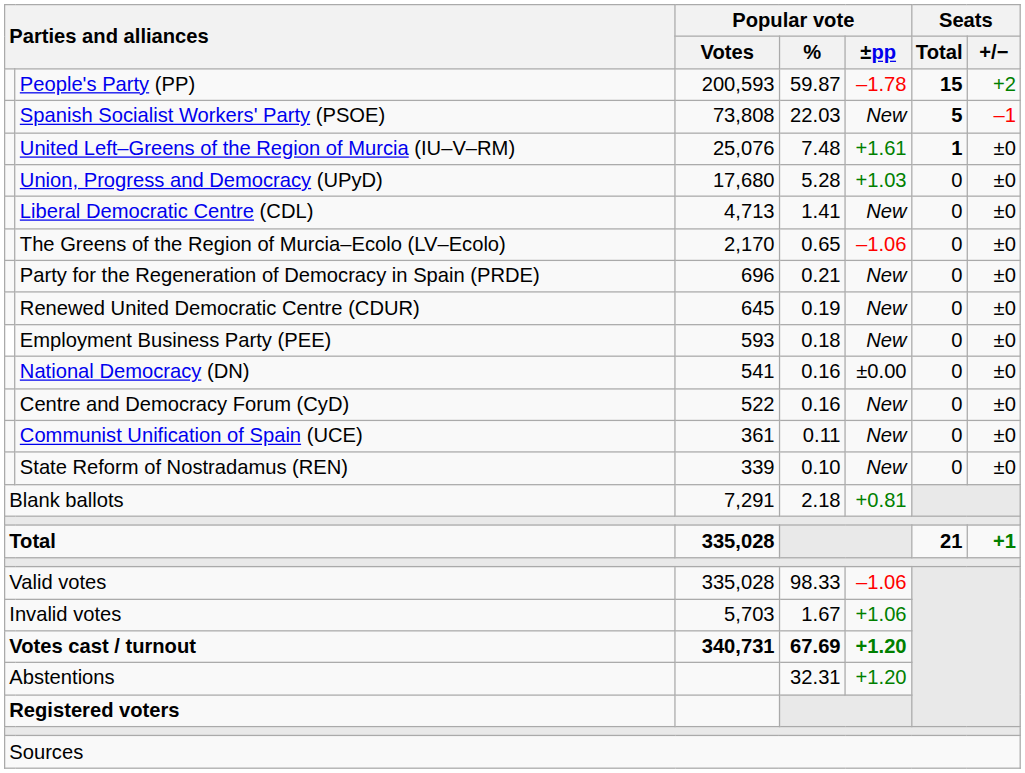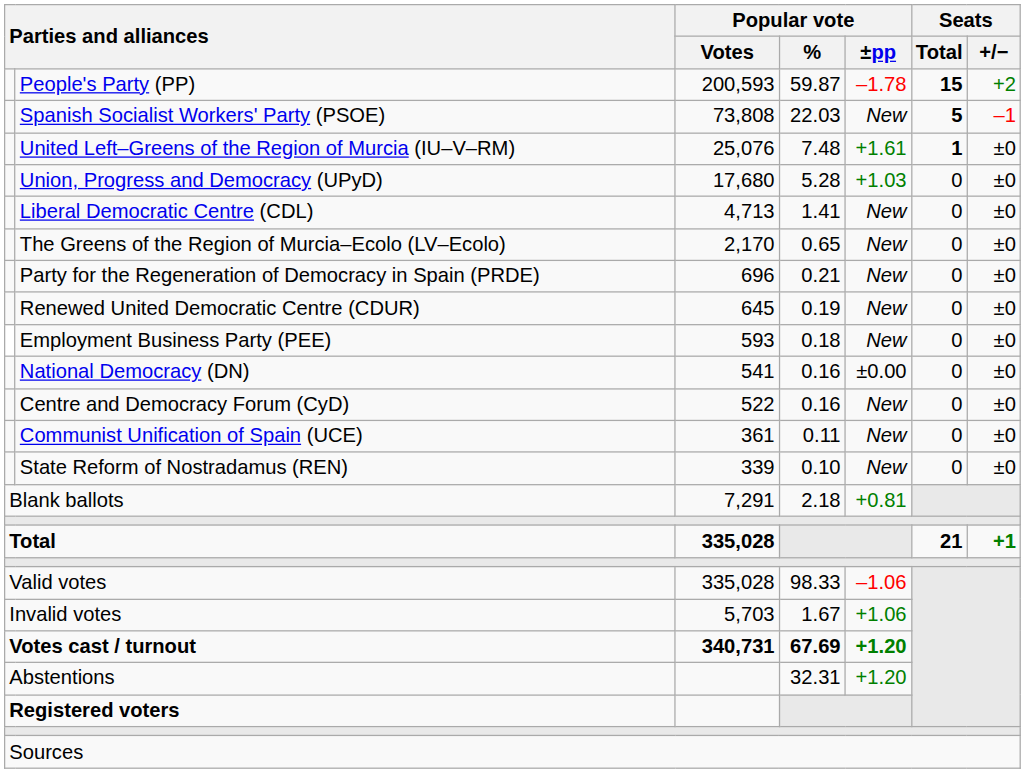 <table class="wikitable" style="text-align:right;">
 <tr>
 <th style="text-align:left;" rowspan="2" colspan="2" width="525">Parties and alliances</th>
 <th colspan="3">Popular vote</th>
 <th colspan="2">Seats</th>
 </tr>
 <tr>
 <th width="75">Votes</th>
 <th width="45">%</th>
 <th width="45">±<a href='#'>pp</a></th>
 <th width="35">Total</th>
 <th width="35">+/−</th>
 </tr>
 <tr>
 <td width="1" style="color:inherit;background:"></td>
 <td align="left"><a href='#'>People's Party</a> (PP)</td>
 <td>200,593</td>
 <td>59.87</td>
 <td style="color:red;">–1.78</td>
 <td><strong>15</strong></td>
 <td style="color:green;">+2</td>
 </tr>
 <tr>
 <td style="color:inherit;background:"></td>
 <td align="left"><a href='#'>Spanish Socialist Workers' Party</a> (PSOE)</td>
 <td>73,808</td>
 <td>22.03</td>
 <td><em>New</em></td>
 <td><strong>5</strong></td>
 <td style="color:red;">–1</td>
 </tr>
 <tr>
 <td style="color:inherit;background:"></td>
 <td align="left"><a href='#'>United Left–Greens of the Region of Murcia</a> (IU–V–RM)</td>
 <td>25,076</td>
 <td>7.48</td>
 <td style="color:green;">+1.61</td>
 <td><strong>1</strong></td>
 <td>±0</td>
 </tr>
 <tr>
 <td style="color:inherit;background:"></td>
 <td align="left"><a href='#'>Union, Progress and Democracy</a> (UPyD)</td>
 <td>17,680</td>
 <td>5.28</td>
 <td style="color:green;">+1.03</td>
 <td>0</td>
 <td>±0</td>
 </tr>
 <tr>
 <td style="color:inherit;background:"></td>
 <td align="left"><a href='#'>Liberal Democratic Centre</a> (CDL)</td>
 <td>4,713</td>
 <td>1.41</td>
 <td><em>New</em></td>
 <td>0</td>
 <td>±0</td>
 </tr>
 <tr>
 <td style="color:inherit;background:"></td>
 <td align="left">The Greens of the Region of Murcia–Ecolo (LV–Ecolo)</td>
 <td>2,170</td>
 <td>0.65</td>
-<td style="color:red;">–1.06</td>
+<td><em>New</em></td>
 <td>0</td>
 <td>±0</td>
 </tr>
 <tr>
 <td style="color:inherit;background:"></td>
 <td align="left">Party for the Regeneration of Democracy in Spain (PRDE)</td>
 <td>696</td>
 <td>0.21</td>
 <td><em>New</em></td>
 <td>0</td>
 <td>±0</td>
 </tr>
 <tr>
 <td style="color:inherit;background:"></td>
 <td align="left">Renewed United Democratic Centre (CDUR)</td>
 <td>645</td>
 <td>0.19</td>
 <td><em>New</em></td>
 <td>0</td>
 <td>±0</td>
 </tr>
 <tr>
 <td bgcolor="white"></td>
 <td align="left">Employment Business Party (PEE)</td>
 <td>593</td>
 <td>0.18</td>
 <td><em>New</em></td>
 <td>0</td>
 <td>±0</td>
 </tr>
 <tr>
 <td style="color:inherit;background:"></td>
 <td align="left"><a href='#'>National Democracy</a> (DN)</td>
 <td>541</td>
 <td>0.16</td>
 <td>±0.00</td>
 <td>0</td>
 <td>±0</td>
 </tr>
 <tr>
 <td style="color:inherit;background:"></td>
 <td align="left">Centre and Democracy Forum (CyD)</td>
 <td>522</td>
 <td>0.16</td>
 <td><em>New</em></td>
 <td>0</td>
 <td>±0</td>
 </tr>
 <tr>
 <td style="color:inherit;background:"></td>
 <td align="left"><a href='#'>Communist Unification of Spain</a> (UCE)</td>
 <td>361</td>
 <td>0.11</td>
 <td><em>New</em></td>
 <td>0</td>
 <td>±0</td>
 </tr>
 <tr>
 <td style="color:inherit;background:"></td>
 <td align="left">State Reform of Nostradamus (REN)</td>
 <td>339</td>
 <td>0.10</td>
 <td><em>New</em></td>
 <td>0</td>
 <td>±0</td>
 </tr>
 <tr>
 <td align="left" colspan="2">Blank ballots</td>
 <td>7,291</td>
 <td>2.18</td>
 <td style="color:green;">+0.81</td>
 <td bgcolor="#E9E9E9" colspan="2"></td>
 </tr>
 <tr>
 <td colspan="7" bgcolor="#E9E9E9"></td>
 </tr>
 <tr style="font-weight:bold;">
 <td align="left" colspan="2">Total</td>
 <td>335,028</td>
 <td bgcolor="#E9E9E9" colspan="2"></td>
 <td>21</td>
 <td style="color:green;">+1</td>
 </tr>
 <tr>
 <td colspan="7" bgcolor="#E9E9E9"></td>
 </tr>
 <tr>
 <td align="left" colspan="2">Valid votes</td>
 <td>335,028</td>
 <td>98.33</td>
 <td style="color:red;">–1.06</td>
 <td bgcolor="#E9E9E9" colspan="2" rowspan="5"></td>
 </tr>
 <tr>
 <td align="left" colspan="2">Invalid votes</td>
 <td>5,703</td>
 <td>1.67</td>
 <td style="color:green;">+1.06</td>
 </tr>
 <tr style="font-weight:bold;">
 <td align="left" colspan="2">Votes cast / turnout</td>
 <td>340,731</td>
 <td>67.69</td>
 <td style="color:green;">+1.20</td>
 </tr>
 <tr>
 <td align="left" colspan="2">Abstentions</td>
 <td></td>
 <td>32.31</td>
 <td style="color:green;">+1.20</td>
 </tr>
 <tr style="font-weight:bold;">
 <td align="left" colspan="2">Registered voters</td>
 <td></td>
 <td bgcolor="#E9E9E9" colspan="2"></td>
 </tr>
 <tr>
 <td colspan="7" bgcolor="#E9E9E9"></td>
 </tr>
 <tr>
 <td align="left" colspan="7">Sources</td>
 </tr>
 </table>
